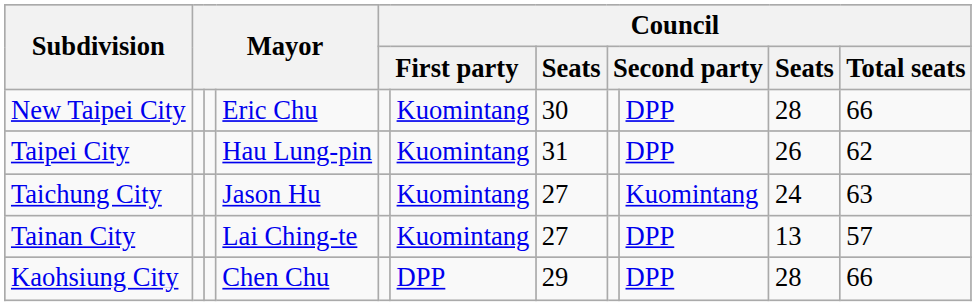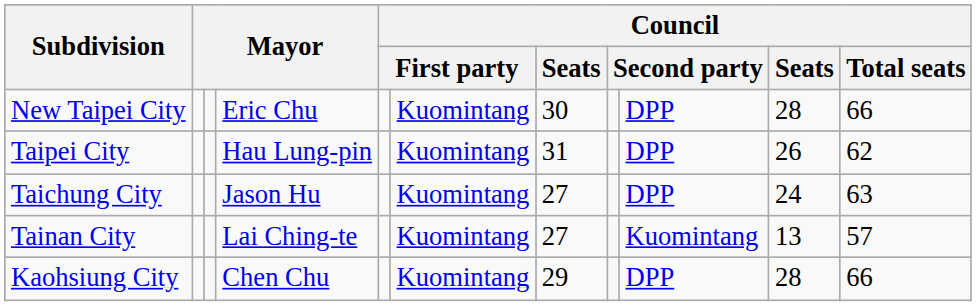 <table class="wikitable sortable">
 <tr>
 <th rowspan="2">Subdivision</th>
 <th colspan="3" rowspan="2">Mayor</th>
 <th colspan="7">Council</th>
 </tr>
 <tr>
 <th colspan="2">First party</th>
 <th>Seats</th>
 <th colspan="2">Second party</th>
 <th>Seats</th>
 <th>Total seats</th>
 </tr>
 <tr>
 <td><a href='#'>New Taipei City</a></td>
 <td style="background-color:"></td>
 <td></td>
 <td><a href='#'>Eric Chu</a></td>
 <td style="background-color:"></td>
 <td><a href='#'>Kuomintang</a></td>
 <td>30</td>
 <td style="background-color:"></td>
 <td><a href='#'>DPP</a></td>
 <td>28</td>
 <td>66</td>
 </tr>
 <tr>
 <td><a href='#'>Taipei City</a></td>
 <td style="background-color:"></td>
 <td></td>
 <td><a href='#'>Hau Lung-pin</a></td>
 <td style="background-color:"></td>
 <td><a href='#'>Kuomintang</a></td>
 <td>31</td>
 <td style="background-color:"></td>
 <td><a href='#'>DPP</a></td>
 <td>26</td>
 <td>62</td>
 </tr>
 <tr>
 <td><a href='#'>Taichung City</a></td>
 <td style="background-color:"></td>
 <td></td>
 <td><a href='#'>Jason Hu</a></td>
 <td style="background-color:"></td>
 <td><a href='#'>Kuomintang</a></td>
 <td>27</td>
 <td style="background-color:"></td>
-<td><a href='#'>Kuomintang</a></td>
+<td><a href='#'>DPP</a></td>
 <td>24</td>
 <td>63</td>
 </tr>
 <tr>
 <td><a href='#'>Tainan City</a></td>
 <td style="background-color:"></td>
 <td></td>
 <td><a href='#'>Lai Ching-te</a></td>
 <td style="background-color:"></td>
 <td><a href='#'>Kuomintang</a></td>
 <td>27</td>
 <td style="background-color:"></td>
-<td><a href='#'>DPP</a></td>
+<td><a href='#'>Kuomintang</a></td>
 <td>13</td>
 <td>57</td>
 </tr>
 <tr>
 <td><a href='#'>Kaohsiung City</a></td>
 <td style="background-color:"></td>
 <td></td>
 <td><a href='#'>Chen Chu</a></td>
 <td style="background-color:"></td>
-<td><a href='#'>DPP</a></td>
+<td><a href='#'>Kuomintang</a></td>
 <td>29</td>
 <td style="background-color:"></td>
 <td><a href='#'>DPP</a></td>
 <td>28</td>
 <td>66</td>
 </tr>
 </table>
